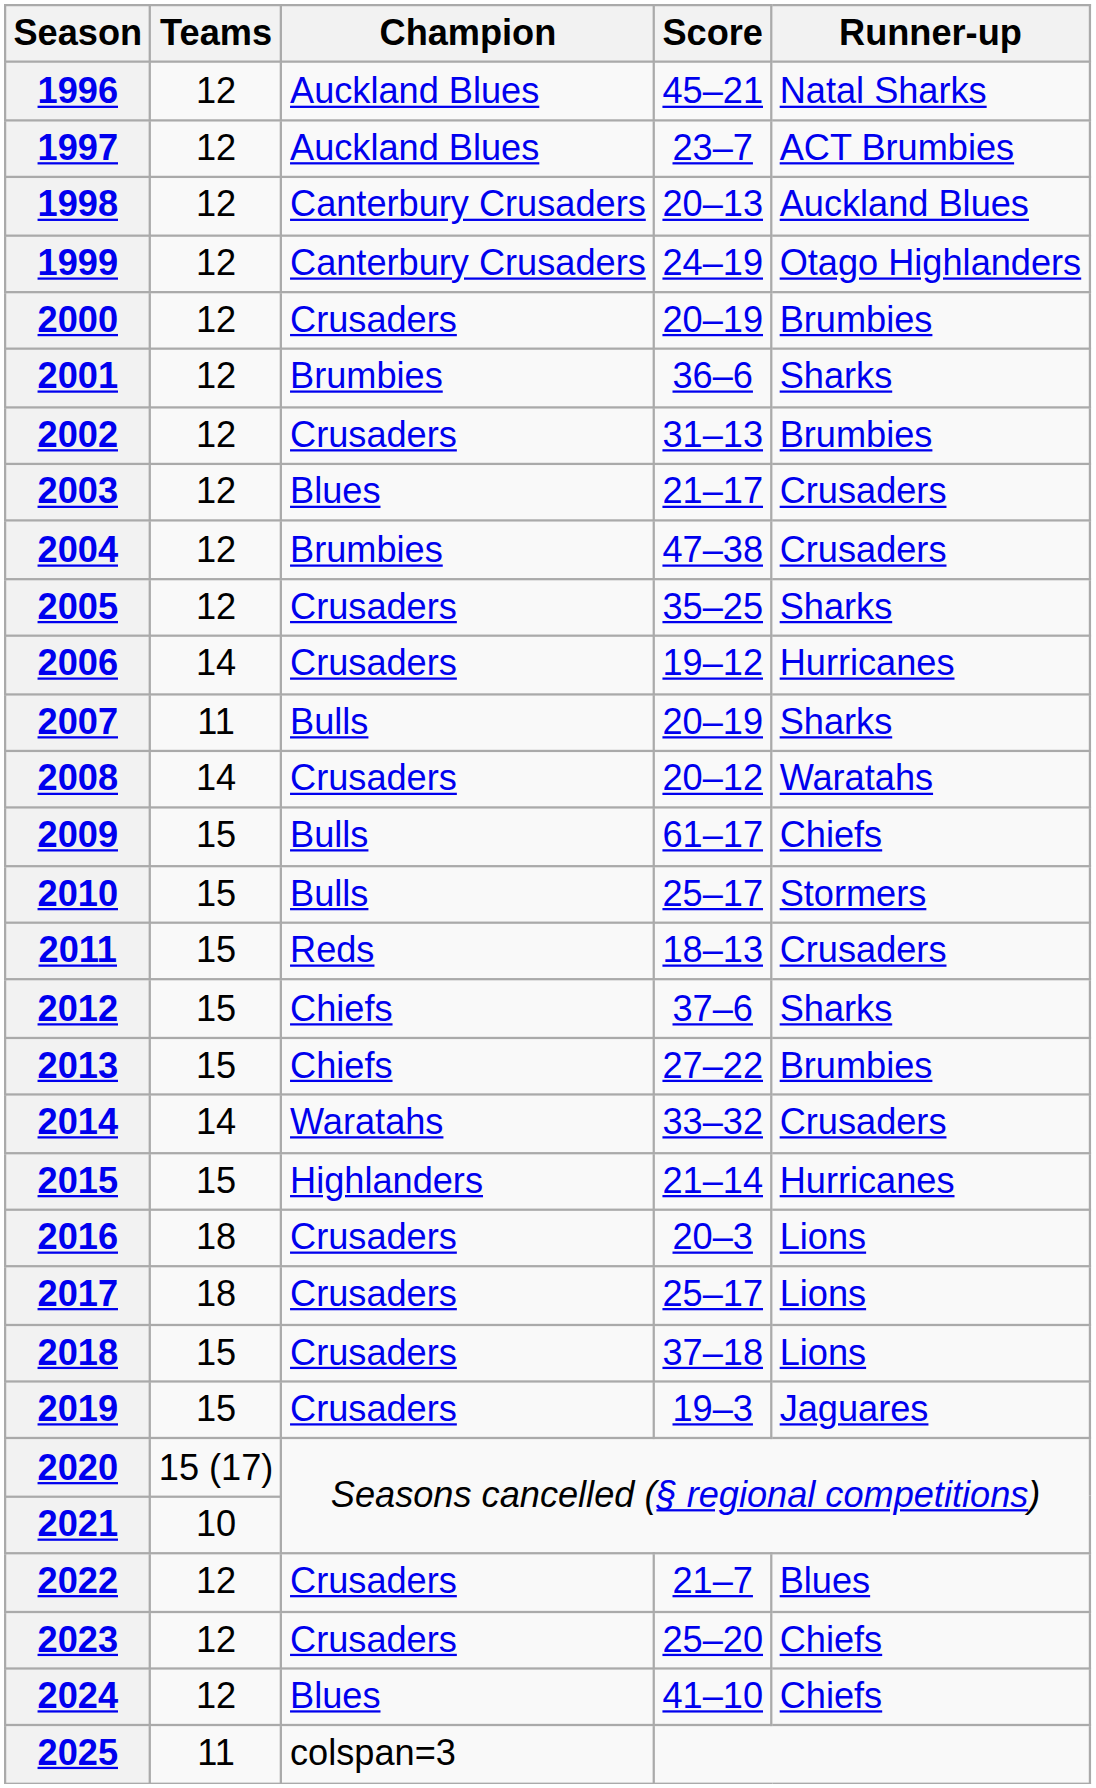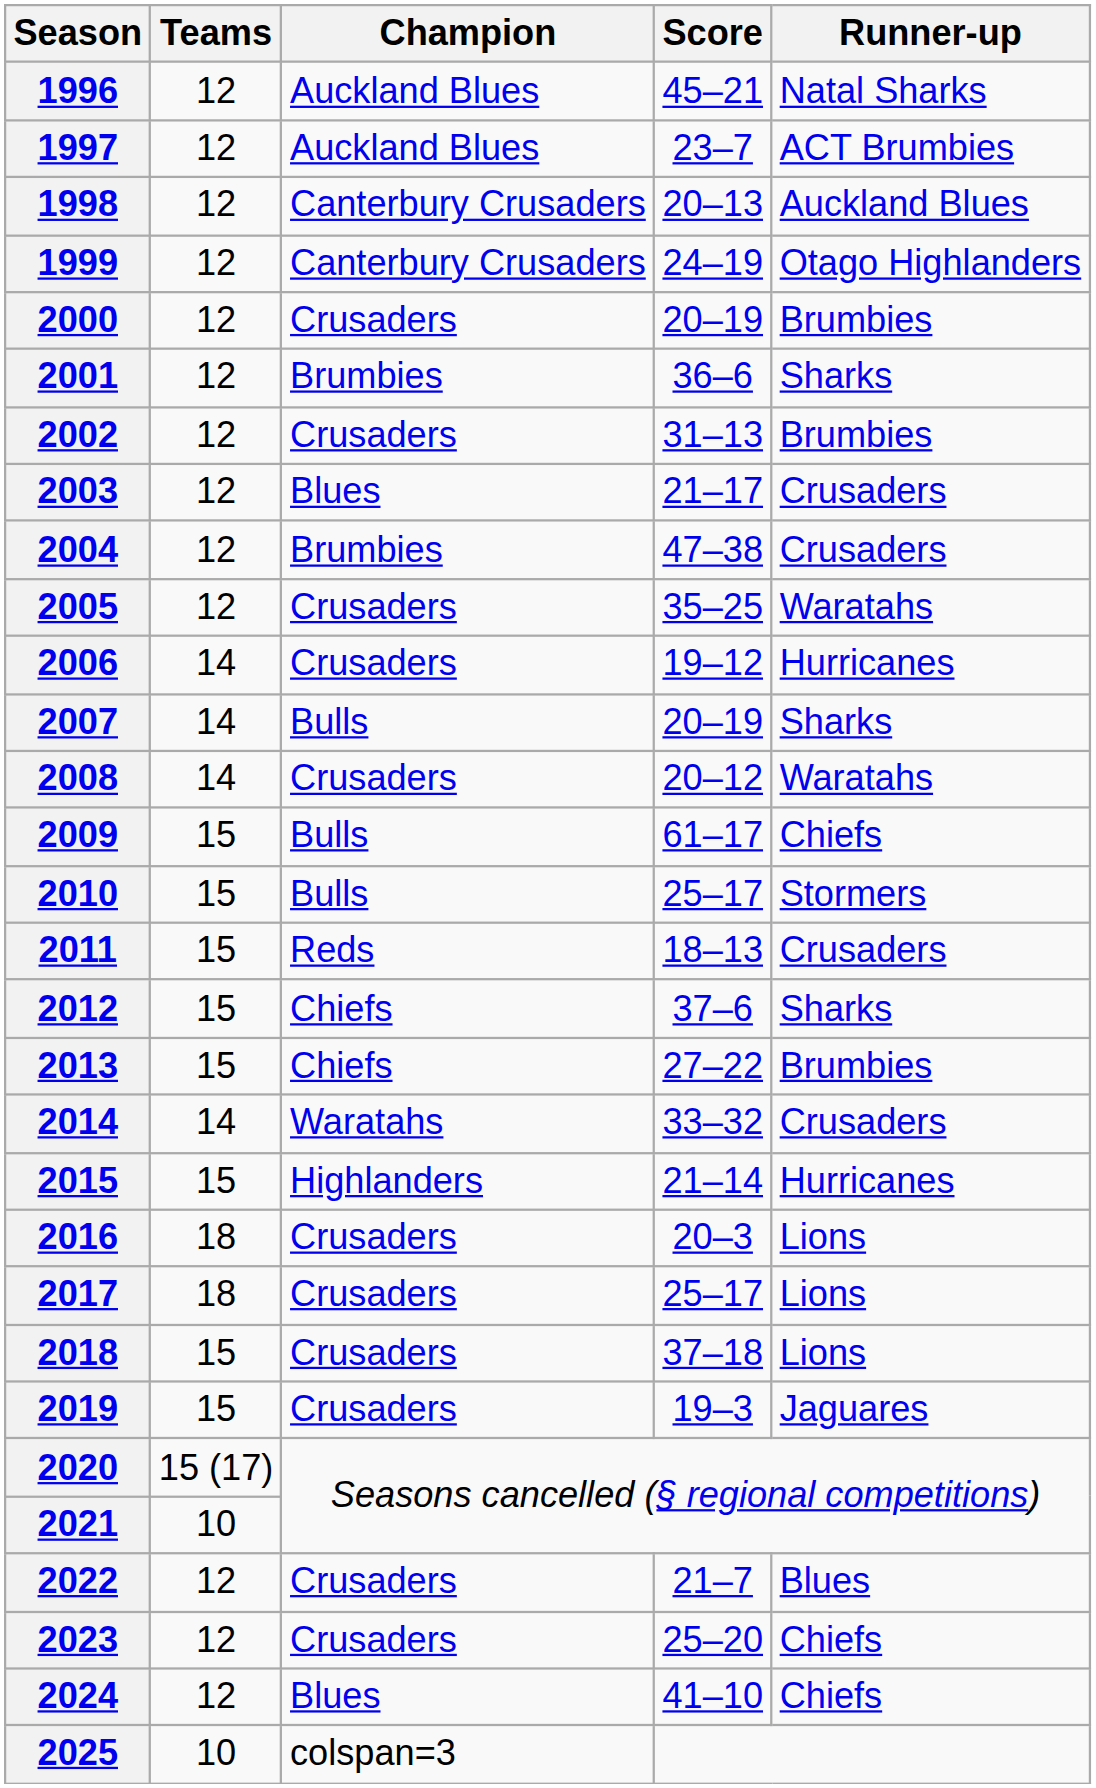 <table class="sortable plainrowheaders wikitable">
 <tr>
 <th scope=col>Season</th>
 <th scope=col>Teams</th>
 <th scope=col>Champion</th>
 <th scope=col>Score</th>
 <th scope=col>Runner-up</th>
 </tr>
 <tr>
 <th style=text-align:center><a href='#'>1996</a></th>
 <td align=center>12</td>
 <td> <a href='#'>Auckland Blues</a></td>
 <td align=center><a href='#'>45–21</a></td>
 <td> <a href='#'>Natal Sharks</a></td>
 </tr>
 <tr>
 <th style=text-align:center><a href='#'>1997</a></th>
 <td align=center>12</td>
 <td> <a href='#'>Auckland Blues</a></td>
 <td align=center><a href='#'>23–7</a></td>
 <td> <a href='#'>ACT Brumbies</a></td>
 </tr>
 <tr>
 <th style=text-align:center><a href='#'>1998</a></th>
 <td align=center>12</td>
 <td> <a href='#'>Canterbury Crusaders</a></td>
 <td align=center><a href='#'>20–13</a></td>
 <td> <a href='#'>Auckland Blues</a></td>
 </tr>
 <tr>
 <th style=text-align:center><a href='#'>1999</a></th>
 <td align=center>12</td>
 <td> <a href='#'>Canterbury Crusaders</a></td>
 <td align=center><a href='#'>24–19</a></td>
 <td> <a href='#'>Otago Highlanders</a></td>
 </tr>
 <tr>
 <th style=text-align:center><a href='#'>2000</a></th>
 <td align=center>12</td>
 <td> <a href='#'>Crusaders</a></td>
 <td align=center><a href='#'>20–19</a></td>
 <td> <a href='#'>Brumbies</a></td>
 </tr>
 <tr>
 <th style=text-align:center><a href='#'>2001</a></th>
 <td align=center>12</td>
 <td> <a href='#'>Brumbies</a></td>
 <td align=center><a href='#'>36–6</a></td>
 <td> <a href='#'>Sharks</a></td>
 </tr>
 <tr>
 <th style=text-align:center><a href='#'>2002</a></th>
 <td align=center>12</td>
 <td> <a href='#'>Crusaders</a></td>
 <td align=center><a href='#'>31–13</a></td>
 <td> <a href='#'>Brumbies</a></td>
 </tr>
 <tr>
 <th style=text-align:center><a href='#'>2003</a></th>
 <td align=center>12</td>
 <td> <a href='#'>Blues</a></td>
 <td align=center><a href='#'>21–17</a></td>
 <td> <a href='#'>Crusaders</a></td>
 </tr>
 <tr>
 <th style=text-align:center><a href='#'>2004</a></th>
 <td align=center>12</td>
 <td> <a href='#'>Brumbies</a></td>
 <td align=center><a href='#'>47–38</a></td>
 <td> <a href='#'>Crusaders</a></td>
 </tr>
 <tr>
 <th style=text-align:center><a href='#'>2005</a></th>
 <td align=center>12</td>
 <td> <a href='#'>Crusaders</a></td>
 <td align=center><a href='#'>35–25</a></td>
-<td> <a href='#'>Sharks</a></td>
+<td> <a href='#'>Waratahs</a></td>
 </tr>
 <tr>
 <th style=text-align:center><a href='#'>2006</a></th>
 <td align=center>14</td>
 <td> <a href='#'>Crusaders</a></td>
 <td align=center><a href='#'>19–12</a></td>
 <td> <a href='#'>Hurricanes</a></td>
 </tr>
 <tr>
 <th style=text-align:center><a href='#'>2007</a></th>
-<td align=center>11</td>
+<td align=center>14</td>
 <td> <a href='#'>Bulls</a></td>
 <td align=center><a href='#'>20–19</a></td>
 <td> <a href='#'>Sharks</a></td>
 </tr>
 <tr>
 <th style=text-align:center><a href='#'>2008</a></th>
 <td align=center>14</td>
 <td> <a href='#'>Crusaders</a></td>
 <td align=center><a href='#'>20–12</a></td>
 <td> <a href='#'>Waratahs</a></td>
 </tr>
 <tr>
 <th style=text-align:center><a href='#'>2009</a></th>
 <td align=center>15</td>
 <td> <a href='#'>Bulls</a></td>
 <td align=center><a href='#'>61–17</a></td>
 <td> <a href='#'>Chiefs</a></td>
 </tr>
 <tr>
 <th style=text-align:center><a href='#'>2010</a></th>
 <td align=center>15</td>
 <td> <a href='#'>Bulls</a></td>
 <td align=center><a href='#'>25–17</a></td>
 <td> <a href='#'>Stormers</a></td>
 </tr>
 <tr>
 <th style=text-align:center><a href='#'>2011</a></th>
 <td align=center>15</td>
 <td> <a href='#'>Reds</a></td>
 <td align=center><a href='#'>18–13</a></td>
 <td> <a href='#'>Crusaders</a></td>
 </tr>
 <tr>
 <th style=text-align:center><a href='#'>2012</a></th>
 <td align=center>15</td>
 <td> <a href='#'>Chiefs</a></td>
 <td align=center><a href='#'>37–6</a></td>
 <td> <a href='#'>Sharks</a></td>
 </tr>
 <tr>
 <th style=text-align:center><a href='#'>2013</a></th>
 <td align=center>15</td>
 <td> <a href='#'>Chiefs</a></td>
 <td align=center><a href='#'>27–22</a></td>
 <td> <a href='#'>Brumbies</a></td>
 </tr>
 <tr>
 <th style=text-align:center><a href='#'>2014</a></th>
 <td align=center>14</td>
 <td> <a href='#'>Waratahs</a></td>
 <td align=center><a href='#'>33–32</a></td>
 <td> <a href='#'>Crusaders</a></td>
 </tr>
 <tr>
 <th style=text-align:center><a href='#'>2015</a></th>
 <td align=center>15</td>
 <td> <a href='#'>Highlanders</a></td>
 <td align=center><a href='#'>21–14</a></td>
 <td> <a href='#'>Hurricanes</a></td>
 </tr>
 <tr>
 <th style=text-align:center><a href='#'>2016</a></th>
 <td align=center>18</td>
 <td> <a href='#'>Crusaders</a></td>
 <td align=center><a href='#'>20–3</a></td>
 <td> <a href='#'>Lions</a></td>
 </tr>
 <tr>
 <th style=text-align:center><a href='#'>2017</a></th>
 <td align=center>18</td>
 <td> <a href='#'>Crusaders</a></td>
 <td align=center><a href='#'>25–17</a></td>
 <td> <a href='#'>Lions</a></td>
 </tr>
 <tr>
 <th style=text-align:center><a href='#'>2018</a></th>
 <td align=center>15</td>
 <td> <a href='#'>Crusaders</a></td>
 <td align=center><a href='#'>37–18</a></td>
 <td> <a href='#'>Lions</a></td>
 </tr>
 <tr>
 <th style=text-align:center><a href='#'>2019</a></th>
 <td align=center>15</td>
 <td> <a href='#'>Crusaders</a></td>
 <td align=center><a href='#'>19–3</a></td>
 <td> <a href='#'>Jaguares</a></td>
 </tr>
 <tr>
 <th style=text-align:center><a href='#'>2020</a></th>
 <td align=center>15 (17)</td>
 <td colspan=3 rowspan=2 align=center><em>Seasons cancelled (<a href='#'>§ regional competitions</a>)</em></td>
 </tr>
 <tr>
 <th style=text-align:center><a href='#'>2021</a></th>
 <td align=center>10</td>
 </tr>
 <tr>
 <th style=text-align:center><a href='#'>2022</a></th>
 <td align=center>12</td>
 <td> <a href='#'>Crusaders</a></td>
 <td align=center><a href='#'>21–7</a></td>
 <td> <a href='#'>Blues</a></td>
 </tr>
 <tr>
 <th style=text-align:center><a href='#'>2023</a></th>
 <td align=center>12</td>
 <td> <a href='#'>Crusaders</a></td>
 <td align=center><a href='#'>25–20</a></td>
 <td> <a href='#'>Chiefs</a></td>
 </tr>
 <tr>
 <th style=text-align:center><a href='#'>2024</a></th>
 <td align=center>12</td>
 <td> <a href='#'>Blues</a></td>
 <td align=center><a href='#'>41–10</a></td>
 <td> <a href='#'>Chiefs</a></td>
 </tr>
 <tr>
 <th style=text-align:center><a href='#'>2025</a></th>
-<td align=center>11</td>
+<td align=center>10</td>
 <td>colspan=3 </td>
 </tr>
 </table>
